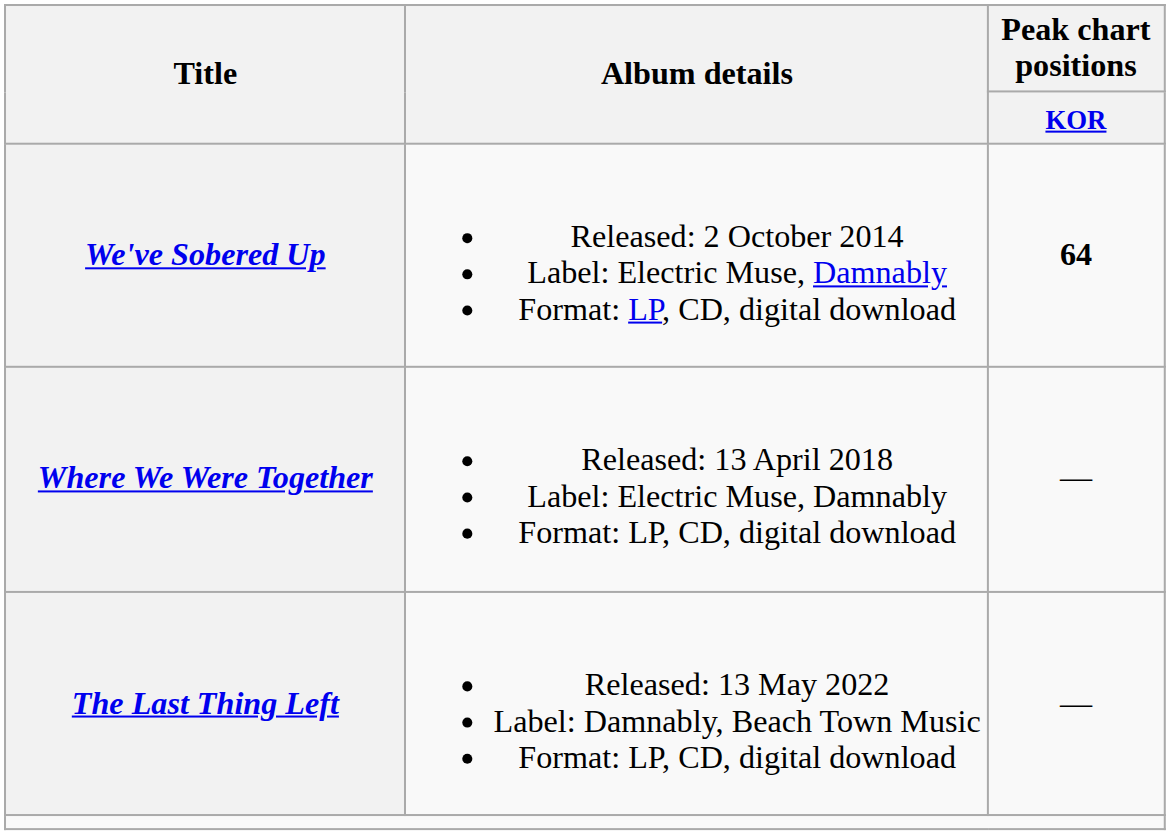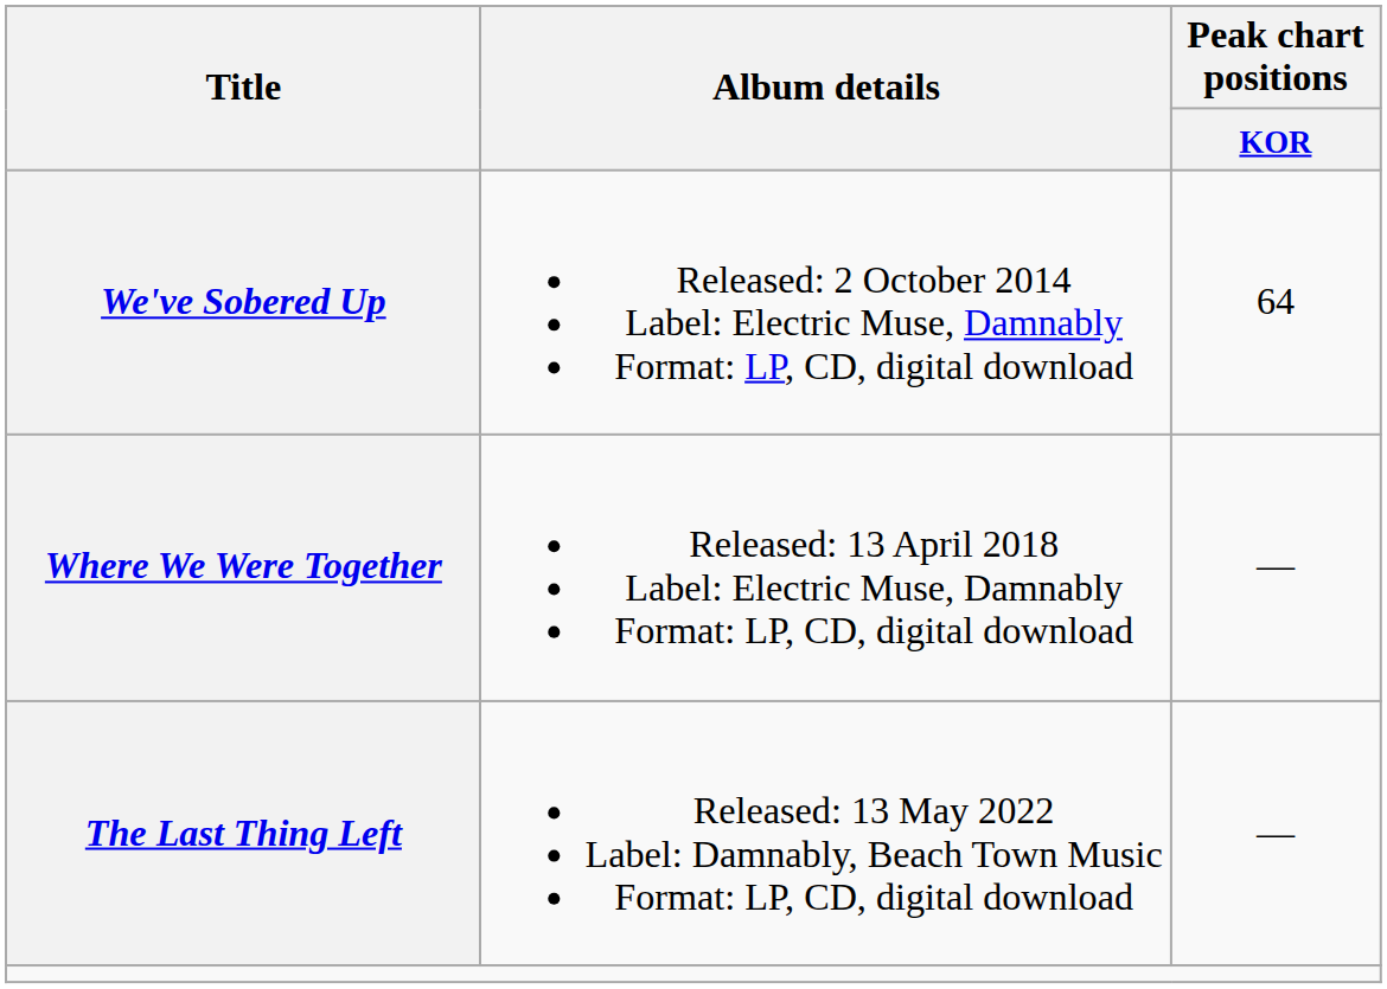 <table class="wikitable plainrowheaders" style="text-align:center;">
 <tr>
 <th scope="col" rowspan="2" style="width:12em;">Title</th>
 <th scope="col" rowspan="2">Album details</th>
 <th scope="col" colspan="1" style="width:5em;">Peak chart positions</th>
 </tr>
 <tr>
 <th><small><a href='#'>KOR</a></small><br></th>
 </tr>
 <tr>
 <th scope="row"><em><a href='#'>We've Sobered Up</a></em></th>
 <td><br><ul><li>Released: 2 October 2014</li><li>Label: Electric Muse, <a href='#'>Damnably</a></li><li>Format: <a href='#'>LP</a>, CD, digital download</li></ul></td>
-<td><strong>64</strong></td>
+<td>64</td>
 </tr>
 <tr>
 <th scope="row"><em><a href='#'>Where We Were Together</a></em></th>
 <td><br><ul><li>Released: 13 April 2018</li><li>Label: Electric Muse, Damnably</li><li>Format: LP, CD, digital download</li></ul></td>
 <td>—</td>
 </tr>
 <tr>
 <th scope="row"><em><a href='#'>The Last Thing Left</a></em></th>
 <td><br><ul><li>Released: 13 May 2022</li><li>Label: Damnably, Beach Town Music</li><li>Format: LP, CD, digital download</li></ul></td>
 <td>—</td>
 </tr>
 <tr>
 <td colspan="3"></td>
 </tr>
 </table>
